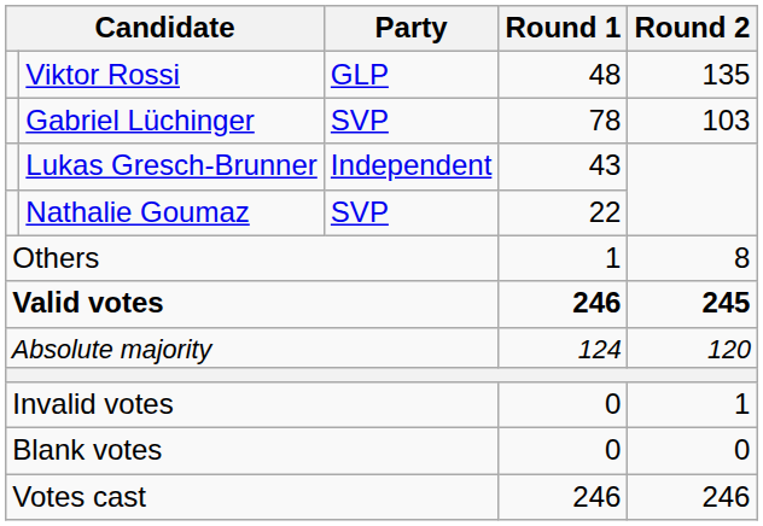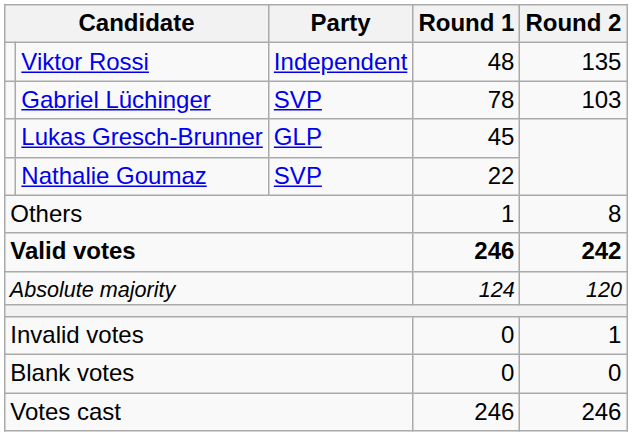 <table class="wikitable" style="text-align:right;">
 <tr>
 <th colspan="2">Candidate</th>
 <th>Party</th>
 <th>Round 1</th>
 <th>Round 2</th>
 </tr>
 <tr>
 <td style="background-color:"></td>
 <td style="text-align:left;"><a href='#'>Viktor Rossi</a></td>
-<td style="text-align:left;"><a href='#'>GLP</a></td>
+<td style="text-align:left;"><a href='#'>Independent</a></td>
 <td>48</td>
 <td>135</td>
 </tr>
 <tr>
 <td style="background-color:"></td>
 <td style="text-align:left;"><a href='#'>Gabriel Lüchinger</a></td>
 <td style="text-align:left;"><a href='#'>SVP</a></td>
 <td>78</td>
 <td>103</td>
 </tr>
 <tr>
 <td style="background-color:"></td>
 <td style="text-align:left;"><a href='#'>Lukas Gresch-Brunner</a></td>
-<td style="text-align:left;"><a href='#'>Independent</a></td>
-<td>43</td>
+<td style="text-align:left;"><a href='#'>GLP</a></td>
+<td>45</td>
 <td rowspan="2"></td>
 </tr>
 <tr>
 <td style="background-color:"></td>
 <td style="text-align:left;"><a href='#'>Nathalie Goumaz</a></td>
 <td style="text-align:left;"><a href='#'>SVP</a></td>
 <td>22</td>
 </tr>
 <tr>
 <td colspan="3" style="text-align:left;">Others</td>
 <td>1</td>
 <td>8</td>
 </tr>
 <tr style="font-weight:bold;">
 <td colspan="3" style="text-align:left;">Valid votes</td>
 <td>246</td>
-<td>245</td>
+<td>242</td>
 </tr>
 <tr style="font-style:italic; font-size:90%;">
 <td colspan="3" style="text-align:left;">Absolute majority</td>
 <td>124</td>
 <td>120</td>
 </tr>
 <tr>
 <th colspan="11"></th>
 </tr>
 <tr>
 <td colspan="3" style="text-align:left;">Invalid votes</td>
 <td>0</td>
 <td>1</td>
 </tr>
 <tr>
 <td colspan="3" style="text-align:left;">Blank votes</td>
 <td>0</td>
 <td>0</td>
 </tr>
 <tr>
 <td colspan="3" style="text-align:left;">Votes cast</td>
 <td>246</td>
 <td>246</td>
 </tr>
 </table>
